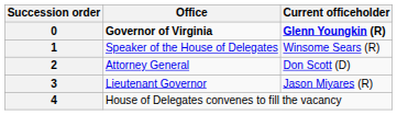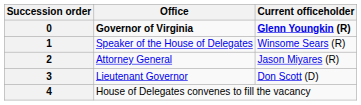 <table class=wikitable>
 <tr>
 <th scope="col">Succession order</th>
 <th scope="col">Office</th>
 <th scope="col">Current officeholder</th>
 </tr>
 <tr>
 <th scope="row">0</th>
 <td><strong>Governor of Virginia</strong></td>
 <td><strong><a href='#'>Glenn Youngkin</a> (R)</strong></td>
 </tr>
 <tr>
 <th scope="row">1</th>
 <td><a href='#'>Speaker of the House of Delegates</a></td>
 <td><a href='#'>Winsome Sears</a> (R)</td>
 </tr>
 <tr>
 <th scope="row">2</th>
 <td><a href='#'>Attorney General</a></td>
-<td><a href='#'>Don Scott</a> (D)</td>
+<td><a href='#'>Jason Miyares</a> (R)</td>
 </tr>
 <tr>
 <th scope="row">3</th>
 <td><a href='#'>Lieutenant Governor</a></td>
-<td><a href='#'>Jason Miyares</a> (R)</td>
+<td><a href='#'>Don Scott</a> (D)</td>
 </tr>
 <tr>
 <th scope="row">4</th>
 <td colspan=2>House of Delegates convenes to fill the vacancy</td>
 </tr>
 </table>
